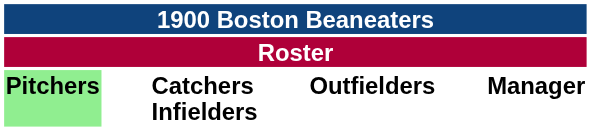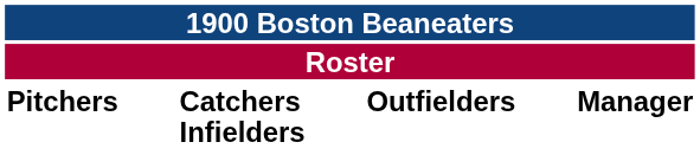 <table class="toccolours" style="font-size: 95%;">
 <tr>
 <th colspan="10" style="background-color: #0f437c; color: white; text-align: center;">1900 Boston Beaneaters</th>
 </tr>
 <tr>
 <td colspan="10" style="background-color: #af0039; color: white; text-align: center;"><strong>Roster</strong></td>
 </tr>
 <tr>
-<td valign="top" style="background: lightgreen;"><strong>Pitchers</strong><br>       </td>
+<td valign="top"><strong>Pitchers</strong><br>       </td>
 <td width="25px"></td>
 <td valign="top"><strong>Catchers</strong><br>    <strong>Infielders</strong>    </td>
 <td width="25px"></td>
 <td valign="top"><strong>Outfielders</strong><br>    </td>
 <td width="25px"></td>
 <td valign="top"><strong>Manager</strong><br></td>
 </tr>
 </table>
